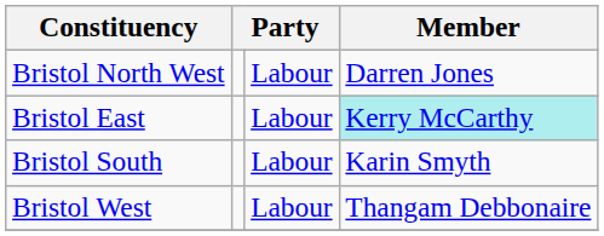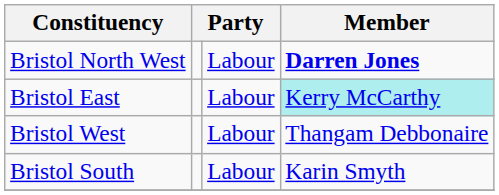 <table class="wikitable sortable">
 <tr>
 <th>Constituency</th>
 <th colspan="2">Party</th>
 <th>Member</th>
 </tr>
 <tr>
 <td><a href='#'>Bristol North West</a></td>
 <td style="background-color:"></td>
 <td><a href='#'>Labour</a></td>
-<td><a href='#'>Darren Jones</a></td>
+<td><strong><a href='#'>Darren Jones</a></strong></td>
 </tr>
 <tr>
 <td><a href='#'>Bristol East</a></td>
 <td style="background-color:"></td>
 <td><a href='#'>Labour</a></td>
 <td style="background: paleturquoise;"><a href='#'>Kerry McCarthy</a></td>
 </tr>
 <tr>
+<td><a href='#'>Bristol West</a></td>
+<td style="background-color:"></td>
+<td><a href='#'>Labour</a></td>
+<td><a href='#'>Thangam Debbonaire</a></td>
+</tr>
+<tr>
 <td><a href='#'>Bristol South</a></td>
 <td style="background-color:"></td>
 <td><a href='#'>Labour</a></td>
 <td><a href='#'>Karin Smyth</a></td>
 </tr>
 <tr>
-<td><a href='#'>Bristol West</a></td>
-<td style="background-color:"></td>
-<td><a href='#'>Labour</a></td>
-<td><a href='#'>Thangam Debbonaire</a></td>
-</tr>
-<tr>
 </tr>
 </table>
